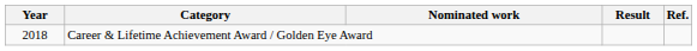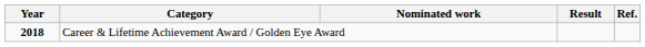 <table class=wikitable>
 <tr>
 <th scope="col" style="width:5em;">Year</th>
 <th scope="col" style="width:28em;">Category</th>
 <th scope="col" style="width:25em;">Nominated work</th>
 <th scope="col" style="width:5em;">Result</th>
 <th>Ref.</th>
 </tr>
 <tr>
-<td style="text-align:center;">2018</td>
+<td style="text-align:center;"><strong>2018</strong></td>
 <td colspan="2">Career & Lifetime Achievement Award / Golden Eye Award</td>
 <td></td>
 <td align="center"></td>
 </tr>
 </table>
